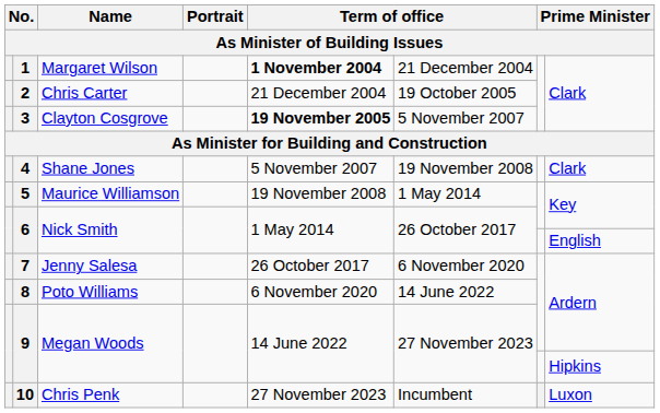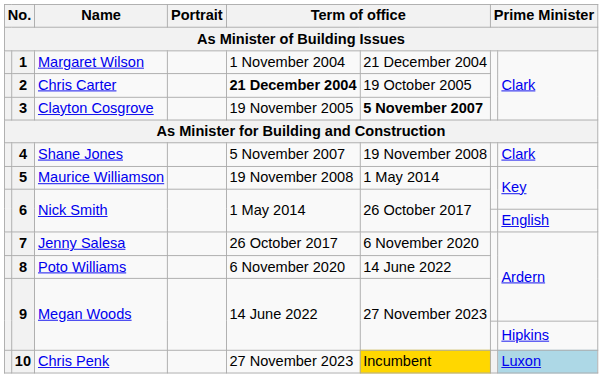 <table class="wikitable">
 <tr>
 <th colspan=2>No.</th>
 <th>Name</th>
 <th>Portrait</th>
 <th colspan=2>Term of office</th>
 <th colspan=2>Prime Minister</th>
 </tr>
 <tr>
 <th colspan=8>As Minister of Building Issues</th>
 </tr>
 <tr>
 <th style="color:inherit;background:"></th>
 <th>1</th>
 <td><a href='#'>Margaret Wilson</a></td>
 <td></td>
-<td><strong>1 November 2004</strong></td>
+<td>1 November 2004</td>
 <td>21 December 2004</td>
 <td width=1 rowspan=3 style="color:inherit;background:"></td>
 <td rowspan=3><a href='#'>Clark</a></td>
 </tr>
 <tr>
 <th style="color:inherit;background:"></th>
 <th>2</th>
 <td><a href='#'>Chris Carter</a></td>
 <td></td>
-<td>21 December 2004</td>
+<td><strong>21 December 2004</strong></td>
 <td>19 October 2005</td>
 </tr>
 <tr>
 <th style="color:inherit;background:"></th>
 <th>3</th>
 <td><a href='#'>Clayton Cosgrove</a></td>
 <td></td>
-<td><strong>19 November 2005</strong></td>
-<td>5 November 2007</td>
+<td>19 November 2005</td>
+<td><strong>5 November 2007</strong></td>
 </tr>
 <tr>
 <th colspan=8>As Minister for Building and Construction</th>
 </tr>
 <tr>
 <th style="color:inherit;background:"></th>
 <th>4</th>
 <td><a href='#'>Shane Jones</a></td>
 <td></td>
 <td>5 November 2007</td>
 <td>19 November 2008</td>
 <td style="color:inherit;background:"></td>
 <td><a href='#'>Clark</a></td>
 </tr>
 <tr>
 <th style="color:inherit;background:"></th>
 <th>5</th>
 <td><a href='#'>Maurice Williamson</a></td>
 <td></td>
 <td>19 November 2008</td>
 <td>1 May 2014</td>
 <td rowspan="2" style="color:inherit;background:"></td>
 <td rowspan="2"><a href='#'>Key</a></td>
 </tr>
 <tr>
 <th height=15 style="border-bottom:solid 0 grey; background:"></th>
 <th rowspan="2">6</th>
 <td rowspan="2"><a href='#'>Nick Smith</a></td>
 <td rowspan="2"></td>
 <td rowspan="2">1 May 2014</td>
 <td rowspan="2">26 October 2017</td>
 </tr>
 <tr>
 <th height=15 style="border-top:solid 0 grey; background:"></th>
 <td style="color:inherit;background:"></td>
 <td><a href='#'>English</a></td>
 </tr>
 <tr>
 <th style="color:inherit;background:"></th>
 <th>7</th>
 <td><a href='#'>Jenny Salesa</a></td>
 <td></td>
 <td>26 October 2017</td>
 <td>6 November 2020</td>
 <td rowspan="3" style="color:inherit;background:"></td>
 <td rowspan="3"><a href='#'>Ardern</a></td>
 </tr>
 <tr>
 <th style="color:inherit;background:"></th>
 <th>8</th>
 <td><a href='#'>Poto Williams</a></td>
 <td></td>
 <td>6 November 2020</td>
 <td>14 June 2022</td>
 </tr>
 <tr>
 <th height=40 style="border-bottom:solid 0 grey; background:"></th>
 <th rowspan="2">9</th>
 <td rowspan="2"><a href='#'>Megan Woods</a></td>
 <td rowspan="2"></td>
 <td rowspan="2">14 June 2022</td>
 <td rowspan="2">27 November 2023</td>
 </tr>
 <tr>
 <th height=25 style="border-top:solid 0 grey; background:"></th>
 <td style="color:inherit;background:"></td>
 <td><a href='#'>Hipkins</a></td>
 </tr>
 <tr>
 <th style="color:inherit;background:"></th>
 <th>10</th>
 <td><a href='#'>Chris Penk</a></td>
 <td></td>
 <td>27 November 2023</td>
-<td>Incumbent</td>
+<td style="background: gold;">Incumbent</td>
 <th style="color:inherit;background:"></th>
-<td><a href='#'>Luxon</a></td>
+<td style="background: lightblue;"><a href='#'>Luxon</a></td>
 </tr>
 </table>
